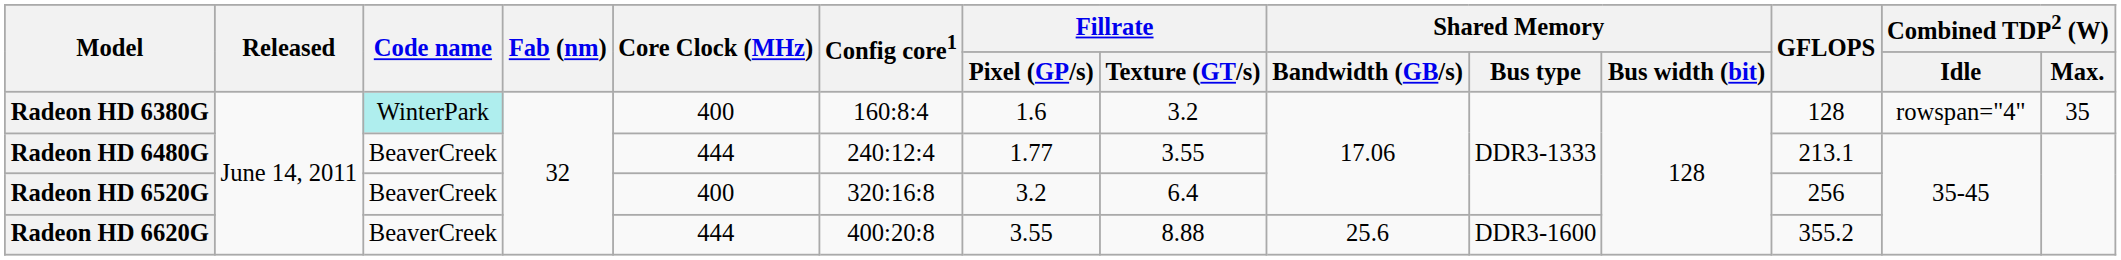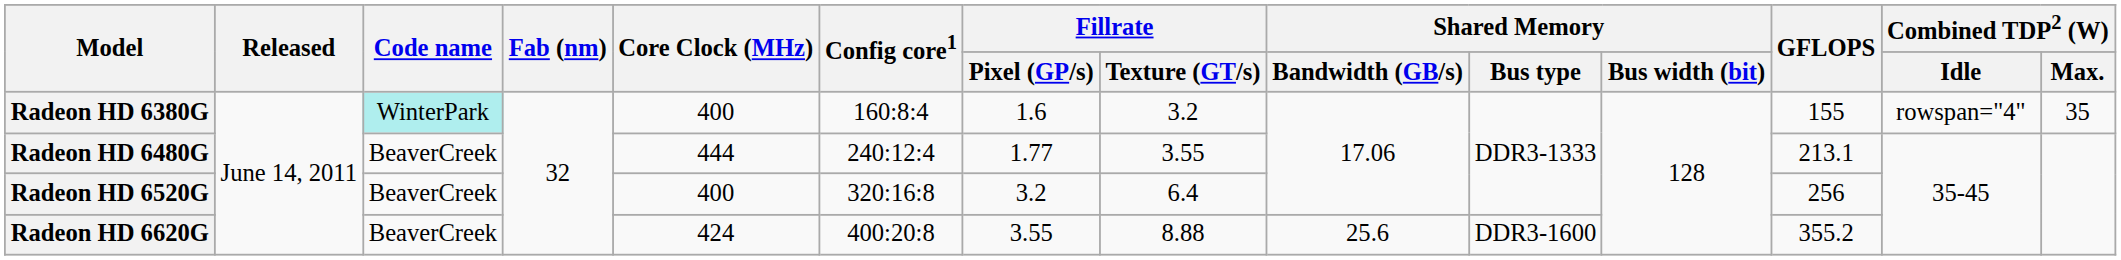 <table class="wikitable" style="font-size: 85%; text-align: center; width: auto">
 <tr>
 <th rowspan="2">Model</th>
 <th rowspan="2">Released</th>
 <th rowspan="2"><a href='#'>Code name</a></th>
 <th rowspan="2"><a href='#'>Fab</a> (<a href='#'>nm</a>)</th>
 <th rowspan="2">Core Clock (<a href='#'>MHz</a>)</th>
 <th rowspan="2">Config core<sup>1</sup></th>
 <th colspan="2"><a href='#'>Fillrate</a></th>
 <th colspan="3">Shared Memory</th>
 <th rowspan="2">GFLOPS</th>
 <th colspan="2">Combined TDP<sup>2</sup> (W)</th>
 </tr>
 <tr>
 <th>Pixel (<a href='#'>GP</a>/s)</th>
 <th>Texture (<a href='#'>GT</a>/s)</th>
 <th>Bandwidth (<a href='#'>GB</a>/s)</th>
 <th>Bus type</th>
 <th>Bus width (<a href='#'>bit</a>)</th>
 <th>Idle</th>
 <th>Max.</th>
 </tr>
 <tr>
 <th align="left">Radeon HD 6380G</th>
 <td rowspan="4">June 14, 2011</td>
 <td style="background: paleturquoise;">WinterPark</td>
 <td rowspan="4">32</td>
 <td>400</td>
 <td>160:8:4</td>
 <td>1.6</td>
 <td>3.2</td>
 <td rowspan="3">17.06</td>
 <td rowspan="3">DDR3-1333</td>
 <td rowspan="4">128</td>
-<td>128</td>
+<td>155</td>
 <td>rowspan="4" </td>
 <td>35</td>
 </tr>
 <tr>
 <th align="left">Radeon HD 6480G</th>
 <td>BeaverCreek</td>
 <td>444</td>
 <td>240:12:4</td>
 <td>1.77</td>
 <td>3.55</td>
 <td>213.1</td>
 <td rowspan="3">35-45</td>
 </tr>
 <tr>
 <th align="left">Radeon HD 6520G</th>
 <td>BeaverCreek</td>
 <td>400</td>
 <td>320:16:8</td>
 <td>3.2</td>
 <td>6.4</td>
 <td>256</td>
 </tr>
 <tr>
 <th align="left">Radeon HD 6620G</th>
 <td>BeaverCreek</td>
-<td>444</td>
+<td>424</td>
 <td>400:20:8</td>
 <td>3.55</td>
 <td>8.88</td>
 <td>25.6</td>
 <td>DDR3-1600</td>
 <td>355.2</td>
 </tr>
 </table>
